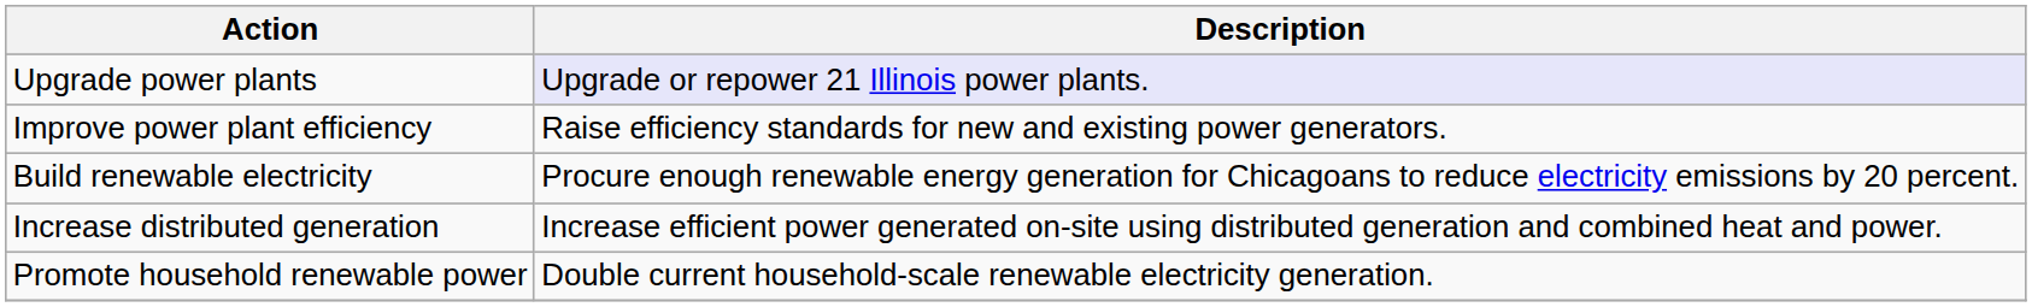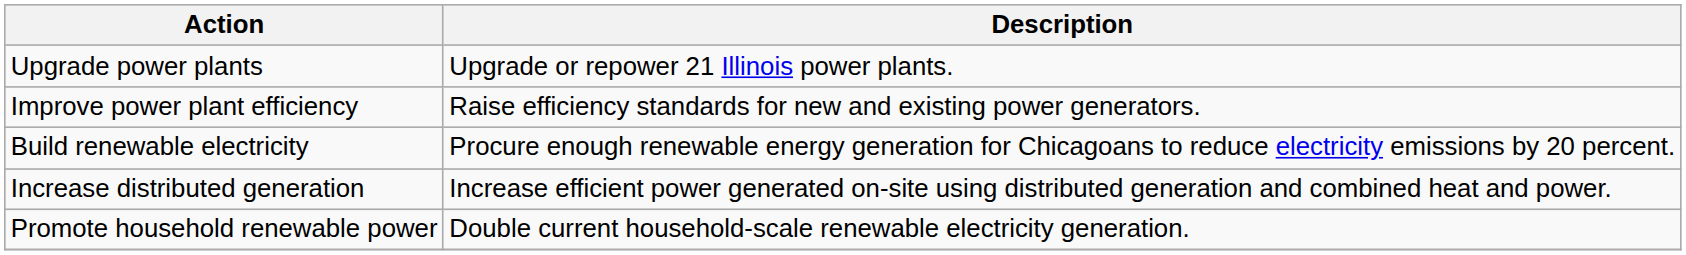 <table class="wikitable">
 <tr>
 <th>Action</th>
 <th>Description</th>
 </tr>
 <tr>
 <td>Upgrade power plants</td>
-<td style="background: lavender;">Upgrade or repower 21 <a href='#'>Illinois</a> power plants.</td>
+<td>Upgrade or repower 21 <a href='#'>Illinois</a> power plants.</td>
 </tr>
 <tr>
 <td>Improve power plant efficiency</td>
 <td>Raise efficiency standards for new and existing power generators.</td>
 </tr>
 <tr>
 <td>Build renewable electricity</td>
 <td>Procure enough renewable energy generation for Chicagoans to reduce <a href='#'>electricity</a> emissions by 20 percent.</td>
 </tr>
 <tr>
 <td>Increase distributed generation</td>
 <td>Increase efficient power generated on-site using distributed generation and combined heat and power.</td>
 </tr>
 <tr>
 <td>Promote household renewable power</td>
 <td>Double current household-scale renewable electricity generation.</td>
 </tr>
 <tr>
 </tr>
 </table>
